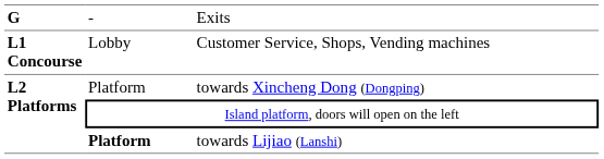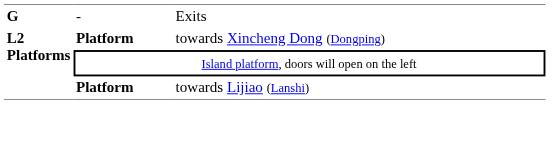 <table table border=0 cellspacing=0 cellpadding=3>
 <tr>
 <td style="border-top:solid 1px gray;" width=50 valign=top><strong>G</strong></td>
 <td style="border-top:solid 1px gray;" width=100 valign=top>-</td>
 <td style="border-top:solid 1px gray;" width=390 valign=top>Exits</td>
 </tr>
 <tr>
-<td style="border-bottom:solid 1px gray; border-top:solid 1px gray;" valign=top width=50><strong>L1<br>Concourse</strong></td>
-<td style="border-bottom:solid 1px gray; border-top:solid 1px gray;" valign=top width=100>Lobby</td>
-<td style="border-bottom:solid 1px gray; border-top:solid 1px gray;" valign=top width=390>Customer Service, Shops, Vending machines</td>
-</tr>
-<tr>
 <td style="border-bottom:solid 1px gray;" rowspan=4 valign=top><strong>L2<br>Platforms</strong></td>
-<td>Platform </td>
+<td><strong>Platform </strong></td>
 <td>  towards <a href='#'>Xincheng Dong</a> <small>(<a href='#'>Dongping</a>)</small></td>
 </tr>
 <tr>
 <td style="border-right:solid 2px black;border-left:solid 2px black;border-top:solid 2px black;border-bottom:solid 2px black;text-align:center;" colspan=2><small><a href='#'>Island platform</a>, doors will open on the left</small></td>
 </tr>
 <tr>
 <td style="border-bottom:solid 1px gray;"><strong>Platform </strong></td>
 <td style="border-bottom:solid 1px gray;"> towards <a href='#'>Lijiao</a> <small>(<a href='#'>Lanshi</a>)</small> </td>
 </tr>
 </table>
